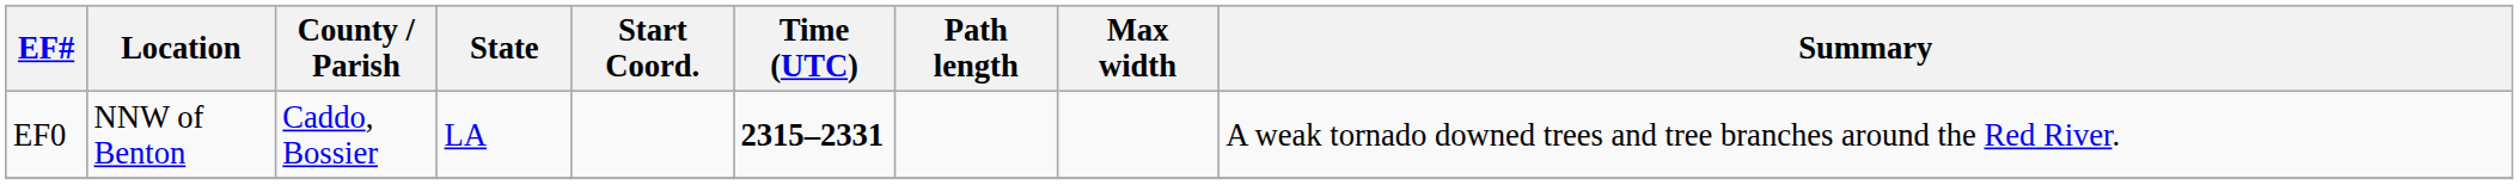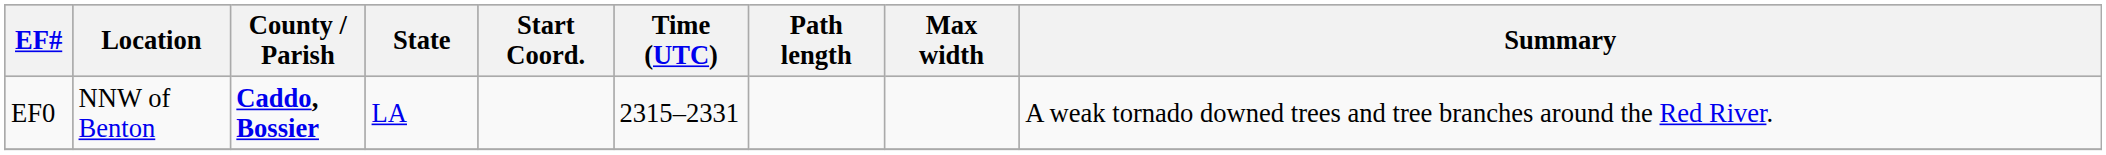 <table class="wikitable sortable" style="width:100%;">
 <tr>
 <th scope="col" width="3%" align="center"><a href='#'>EF#</a></th>
 <th scope="col" width="7%" align="center" class="unsortable">Location</th>
 <th scope="col" width="6%" align="center" class="unsortable">County / Parish</th>
 <th scope="col" width="5%" align="center">State</th>
 <th scope="col" width="6%" align="center">Start Coord.</th>
 <th scope="col" width="6%" align="center">Time (<a href='#'>UTC</a>)</th>
 <th scope="col" width="6%" align="center">Path length</th>
 <th scope="col" width="6%" align="center">Max width</th>
 <th scope="col" width="48%" class="unsortable" align="center">Summary</th>
 </tr>
 <tr>
 <td>EF0</td>
 <td>NNW of <a href='#'>Benton</a></td>
-<td><a href='#'>Caddo</a>, <a href='#'>Bossier</a></td>
+<td><strong><a href='#'>Caddo</a>, <a href='#'>Bossier</a></strong></td>
 <td><a href='#'>LA</a></td>
 <td></td>
-<td><strong>2315–2331</strong></td>
+<td>2315–2331</td>
 <td></td>
 <td></td>
 <td>A weak tornado downed trees and tree branches around the <a href='#'>Red River</a>.</td>
 </tr>
 <tr>
 </tr>
 </table>
